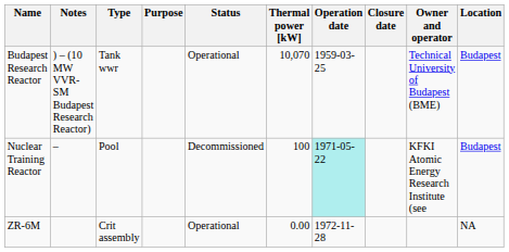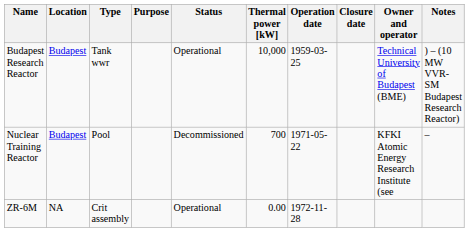 <table class="wikitable" >
 <tr valign="top">
 <th width="80">Name</th>
-<th width="65">Notes</th>
+<th width="65">Location</th>
 <th width="76">Type</th>
 <th width="65">Purpose</th>
 <th width="91">Status</th>
 <th width="70“">Thermal power [kW]</th>
 <th width=„67“>Operation date</th>
 <th width="78“">Closure date</th>
 <th width="113“">Owner and operator</th>
-<th width="65">Location</th>
+<th width="65">Notes</th>
 </tr>
 <tr valign="top">
 <td>Budapest Research Reactor</td>
-<td>) – (10 MW VVR-SM Budapest Research Reactor)</td>
+<td><a href='#'>Budapest</a></td>
 <td>Tank wwr</td>
 <td></td>
 <td>Operational</td>
-<td align="right">10,070</td>
+<td align="right">10,000</td>
 <td>1959-03-25</td>
 <td></td>
 <td><a href='#'>Technical University of Budapest</a> (BME)</td>
-<td><a href='#'>Budapest</a></td>
+<td>) – (10 MW VVR-SM Budapest Research Reactor)</td>
 </tr>
 <tr valign="top">
 <td>Nuclear Training Reactor</td>
-<td> – </td>
+<td><a href='#'>Budapest</a></td>
 <td>Pool</td>
 <td></td>
 <td>Decommissioned</td>
-<td align="right">100</td>
-<td style="background: paleturquoise;">1971-05-22</td>
+<td align="right">700</td>
+<td>1971-05-22</td>
 <td></td>
 <td>KFKI Atomic Energy Research Institute (see </td>
-<td><a href='#'>Budapest</a></td>
+<td> – </td>
 </tr>
 <tr valign="top">
 <td>ZR-6M</td>
-<td></td>
+<td>NA</td>
 <td>Crit assembly</td>
 <td></td>
 <td>Operational</td>
 <td align="right">0.00</td>
 <td>1972-11-28</td>
 <td></td>
 <td></td>
-<td>NA</td>
+<td></td>
 </tr>
 </table>
